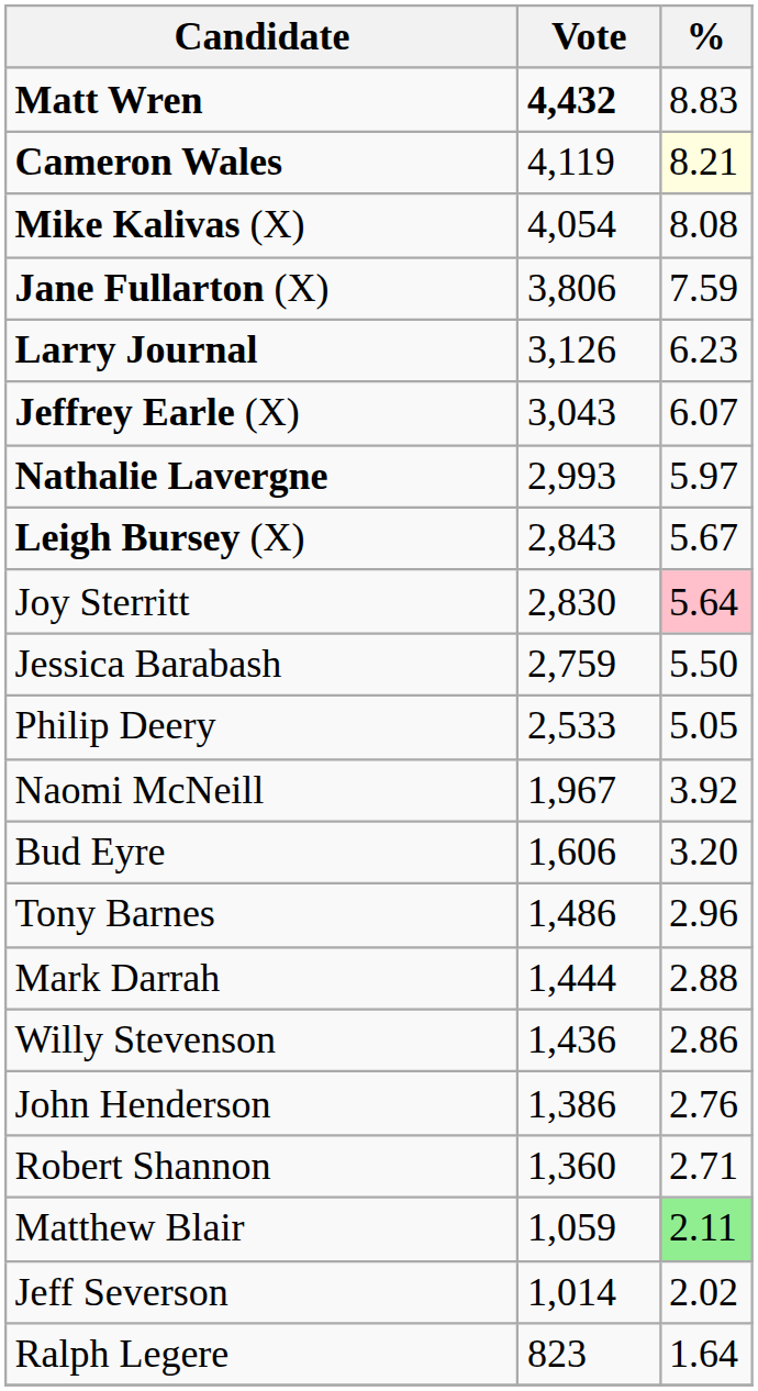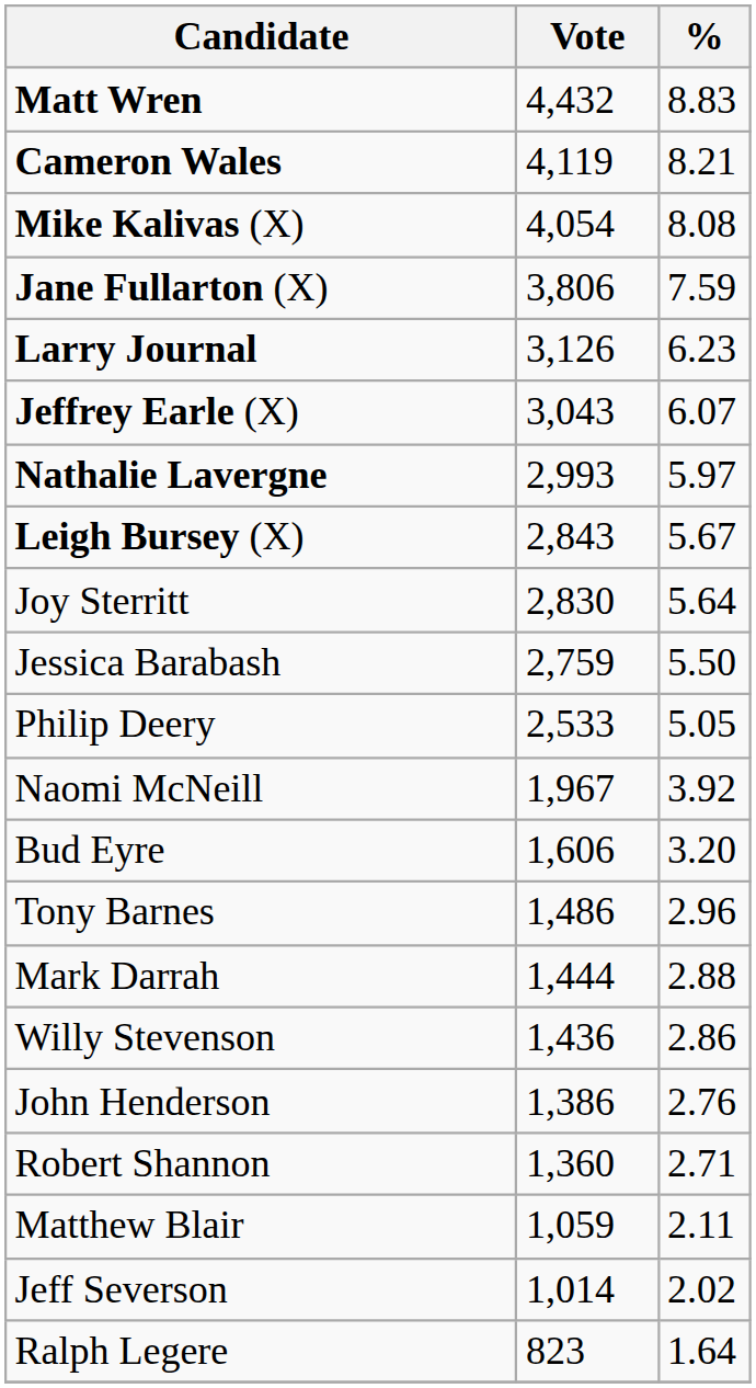 <table class="wikitable">
 <tr>
 <th bgcolor="#DDDDFF" width="200px">Candidate</th>
 <th bgcolor="#DDDDFF" width="50px">Vote</th>
 <th bgcolor="#DDDDFF" width="30px">%</th>
 </tr>
 <tr>
 <td><strong>Matt Wren</strong></td>
-<td><strong>4,432</strong></td>
+<td>4,432</td>
 <td>8.83</td>
 </tr>
 <tr>
 <td><strong>Cameron Wales</strong></td>
 <td>4,119</td>
-<td style="background: lightyellow;">8.21</td>
+<td>8.21</td>
 </tr>
 <tr>
 <td><strong>Mike Kalivas </strong>(X)</td>
 <td>4,054</td>
 <td>8.08</td>
 </tr>
 <tr>
 <td><strong>Jane Fullarton </strong>(X)</td>
 <td>3,806</td>
 <td>7.59</td>
 </tr>
 <tr>
 <td><strong>Larry Journal</strong></td>
 <td>3,126</td>
 <td>6.23</td>
 </tr>
 <tr>
 <td><strong>Jeffrey Earle </strong>(X)</td>
 <td>3,043</td>
 <td>6.07</td>
 </tr>
 <tr>
 <td><strong>Nathalie Lavergne</strong></td>
 <td>2,993</td>
 <td>5.97</td>
 </tr>
 <tr>
 <td><strong>Leigh Bursey </strong>(X)</td>
 <td>2,843</td>
 <td>5.67</td>
 </tr>
 <tr>
 <td>Joy Sterritt</td>
 <td>2,830</td>
-<td style="background: pink;">5.64</td>
+<td>5.64</td>
 </tr>
 <tr>
 <td>Jessica Barabash</td>
 <td>2,759</td>
 <td>5.50</td>
 </tr>
 <tr>
 <td>Philip Deery</td>
 <td>2,533</td>
 <td>5.05</td>
 </tr>
 <tr>
 <td>Naomi McNeill</td>
 <td>1,967</td>
 <td>3.92</td>
 </tr>
 <tr>
 <td>Bud Eyre</td>
 <td>1,606</td>
 <td>3.20</td>
 </tr>
 <tr>
 <td>Tony Barnes</td>
 <td>1,486</td>
 <td>2.96</td>
 </tr>
 <tr>
 <td>Mark Darrah</td>
 <td>1,444</td>
 <td>2.88</td>
 </tr>
 <tr>
 <td>Willy Stevenson</td>
 <td>1,436</td>
 <td>2.86</td>
 </tr>
 <tr>
 <td>John Henderson</td>
 <td>1,386</td>
 <td>2.76</td>
 </tr>
 <tr>
 <td>Robert Shannon</td>
 <td>1,360</td>
 <td>2.71</td>
 </tr>
 <tr>
 <td>Matthew Blair</td>
 <td>1,059</td>
-<td style="background: lightgreen;">2.11</td>
+<td>2.11</td>
 </tr>
 <tr>
 <td>Jeff Severson</td>
 <td>1,014</td>
 <td>2.02</td>
 </tr>
 <tr>
 <td>Ralph Legere</td>
 <td>823</td>
 <td>1.64</td>
 </tr>
 <tr>
 </tr>
 </table>
